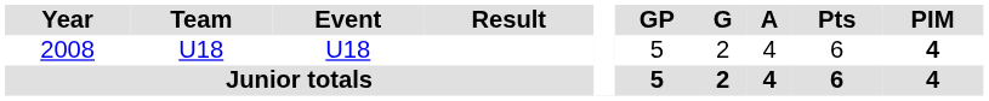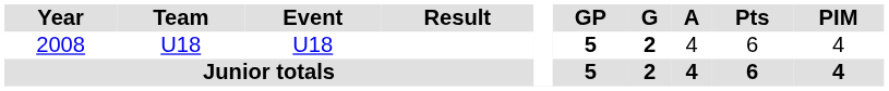 <table border="0" cellpadding="1" cellspacing="0" style="text-align:center; width:40em">
 <tr ALIGN="centre" bgcolor="#e0e0e0">
 <th>Year</th>
 <th>Team</th>
 <th>Event</th>
 <th>Result</th>
 <th rowspan="99" bgcolor="#ffffff"> </th>
 <th>GP</th>
 <th>G</th>
 <th>A</th>
 <th>Pts</th>
 <th>PIM</th>
 </tr>
 <tr>
 <td><a href='#'>2008</a></td>
 <td><a href='#'>U18</a></td>
 <td><a href='#'>U18</a></td>
 <td></td>
-<td>5</td>
-<td>2</td>
+<td><strong>5</strong></td>
+<td><strong>2</strong></td>
 <td>4</td>
 <td>6</td>
-<td><strong>4</strong></td>
+<td>4</td>
 </tr>
 <tr bgcolor="#e0e0e0">
 <th colspan="4">Junior totals</th>
 <th>5</th>
 <th>2</th>
 <th>4</th>
 <th>6</th>
 <th>4</th>
 </tr>
 </table>
